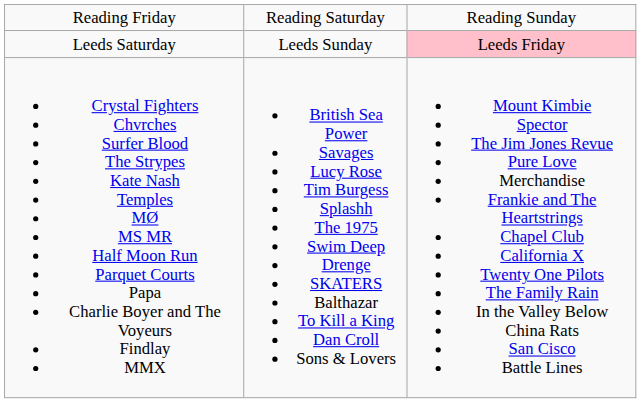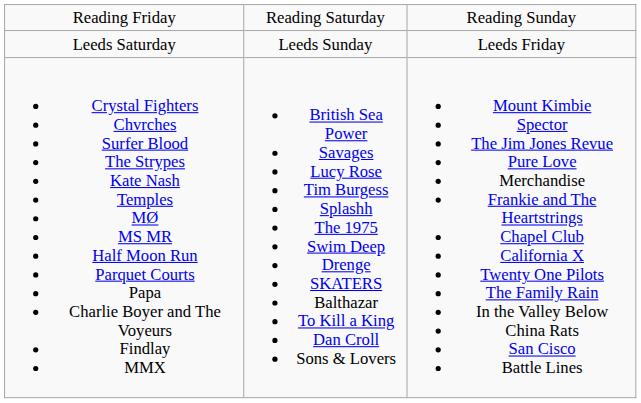 <table class="wikitable" style="text-align:center;">
 <tr>
 <td>Reading Friday</td>
 <td>Reading Saturday</td>
 <td>Reading Sunday</td>
 </tr>
 <tr>
 <td>Leeds Saturday</td>
 <td>Leeds Sunday</td>
-<td style="background: pink;">Leeds Friday</td>
+<td>Leeds Friday</td>
 </tr>
 <tr>
 <td><br><ul><li><a href='#'>Crystal Fighters</a></li><li><a href='#'>Chvrches</a></li><li><a href='#'>Surfer Blood</a></li><li><a href='#'>The Strypes</a></li><li><a href='#'>Kate Nash</a></li><li><a href='#'>Temples</a></li><li><a href='#'>MØ</a></li><li><a href='#'>MS MR</a></li><li><a href='#'>Half Moon Run</a></li><li><a href='#'>Parquet Courts</a></li><li>Papa</li><li>Charlie Boyer and The Voyeurs</li><li>Findlay</li><li>MMX</li></ul></td>
 <td><br><ul><li><a href='#'>British Sea Power</a></li><li><a href='#'>Savages</a></li><li><a href='#'>Lucy Rose</a></li><li><a href='#'>Tim Burgess</a></li><li><a href='#'>Splashh</a></li><li><a href='#'>The 1975</a></li><li><a href='#'>Swim Deep</a></li><li><a href='#'>Drenge</a></li><li><a href='#'>SKATERS</a></li><li>Balthazar</li><li><a href='#'>To Kill a King</a></li><li><a href='#'>Dan Croll</a></li><li>Sons & Lovers</li></ul></td>
 <td><br><ul><li><a href='#'>Mount Kimbie</a></li><li><a href='#'>Spector</a></li><li><a href='#'>The Jim Jones Revue</a></li><li><a href='#'>Pure Love</a></li><li>Merchandise</li><li><a href='#'>Frankie and The Heartstrings</a></li><li><a href='#'>Chapel Club</a></li><li><a href='#'>California X</a></li><li><a href='#'>Twenty One Pilots</a></li><li><a href='#'>The Family Rain</a></li><li>In the Valley Below</li><li>China Rats</li><li><a href='#'>San Cisco</a></li><li>Battle Lines</li></ul></td>
 </tr>
 </table>
